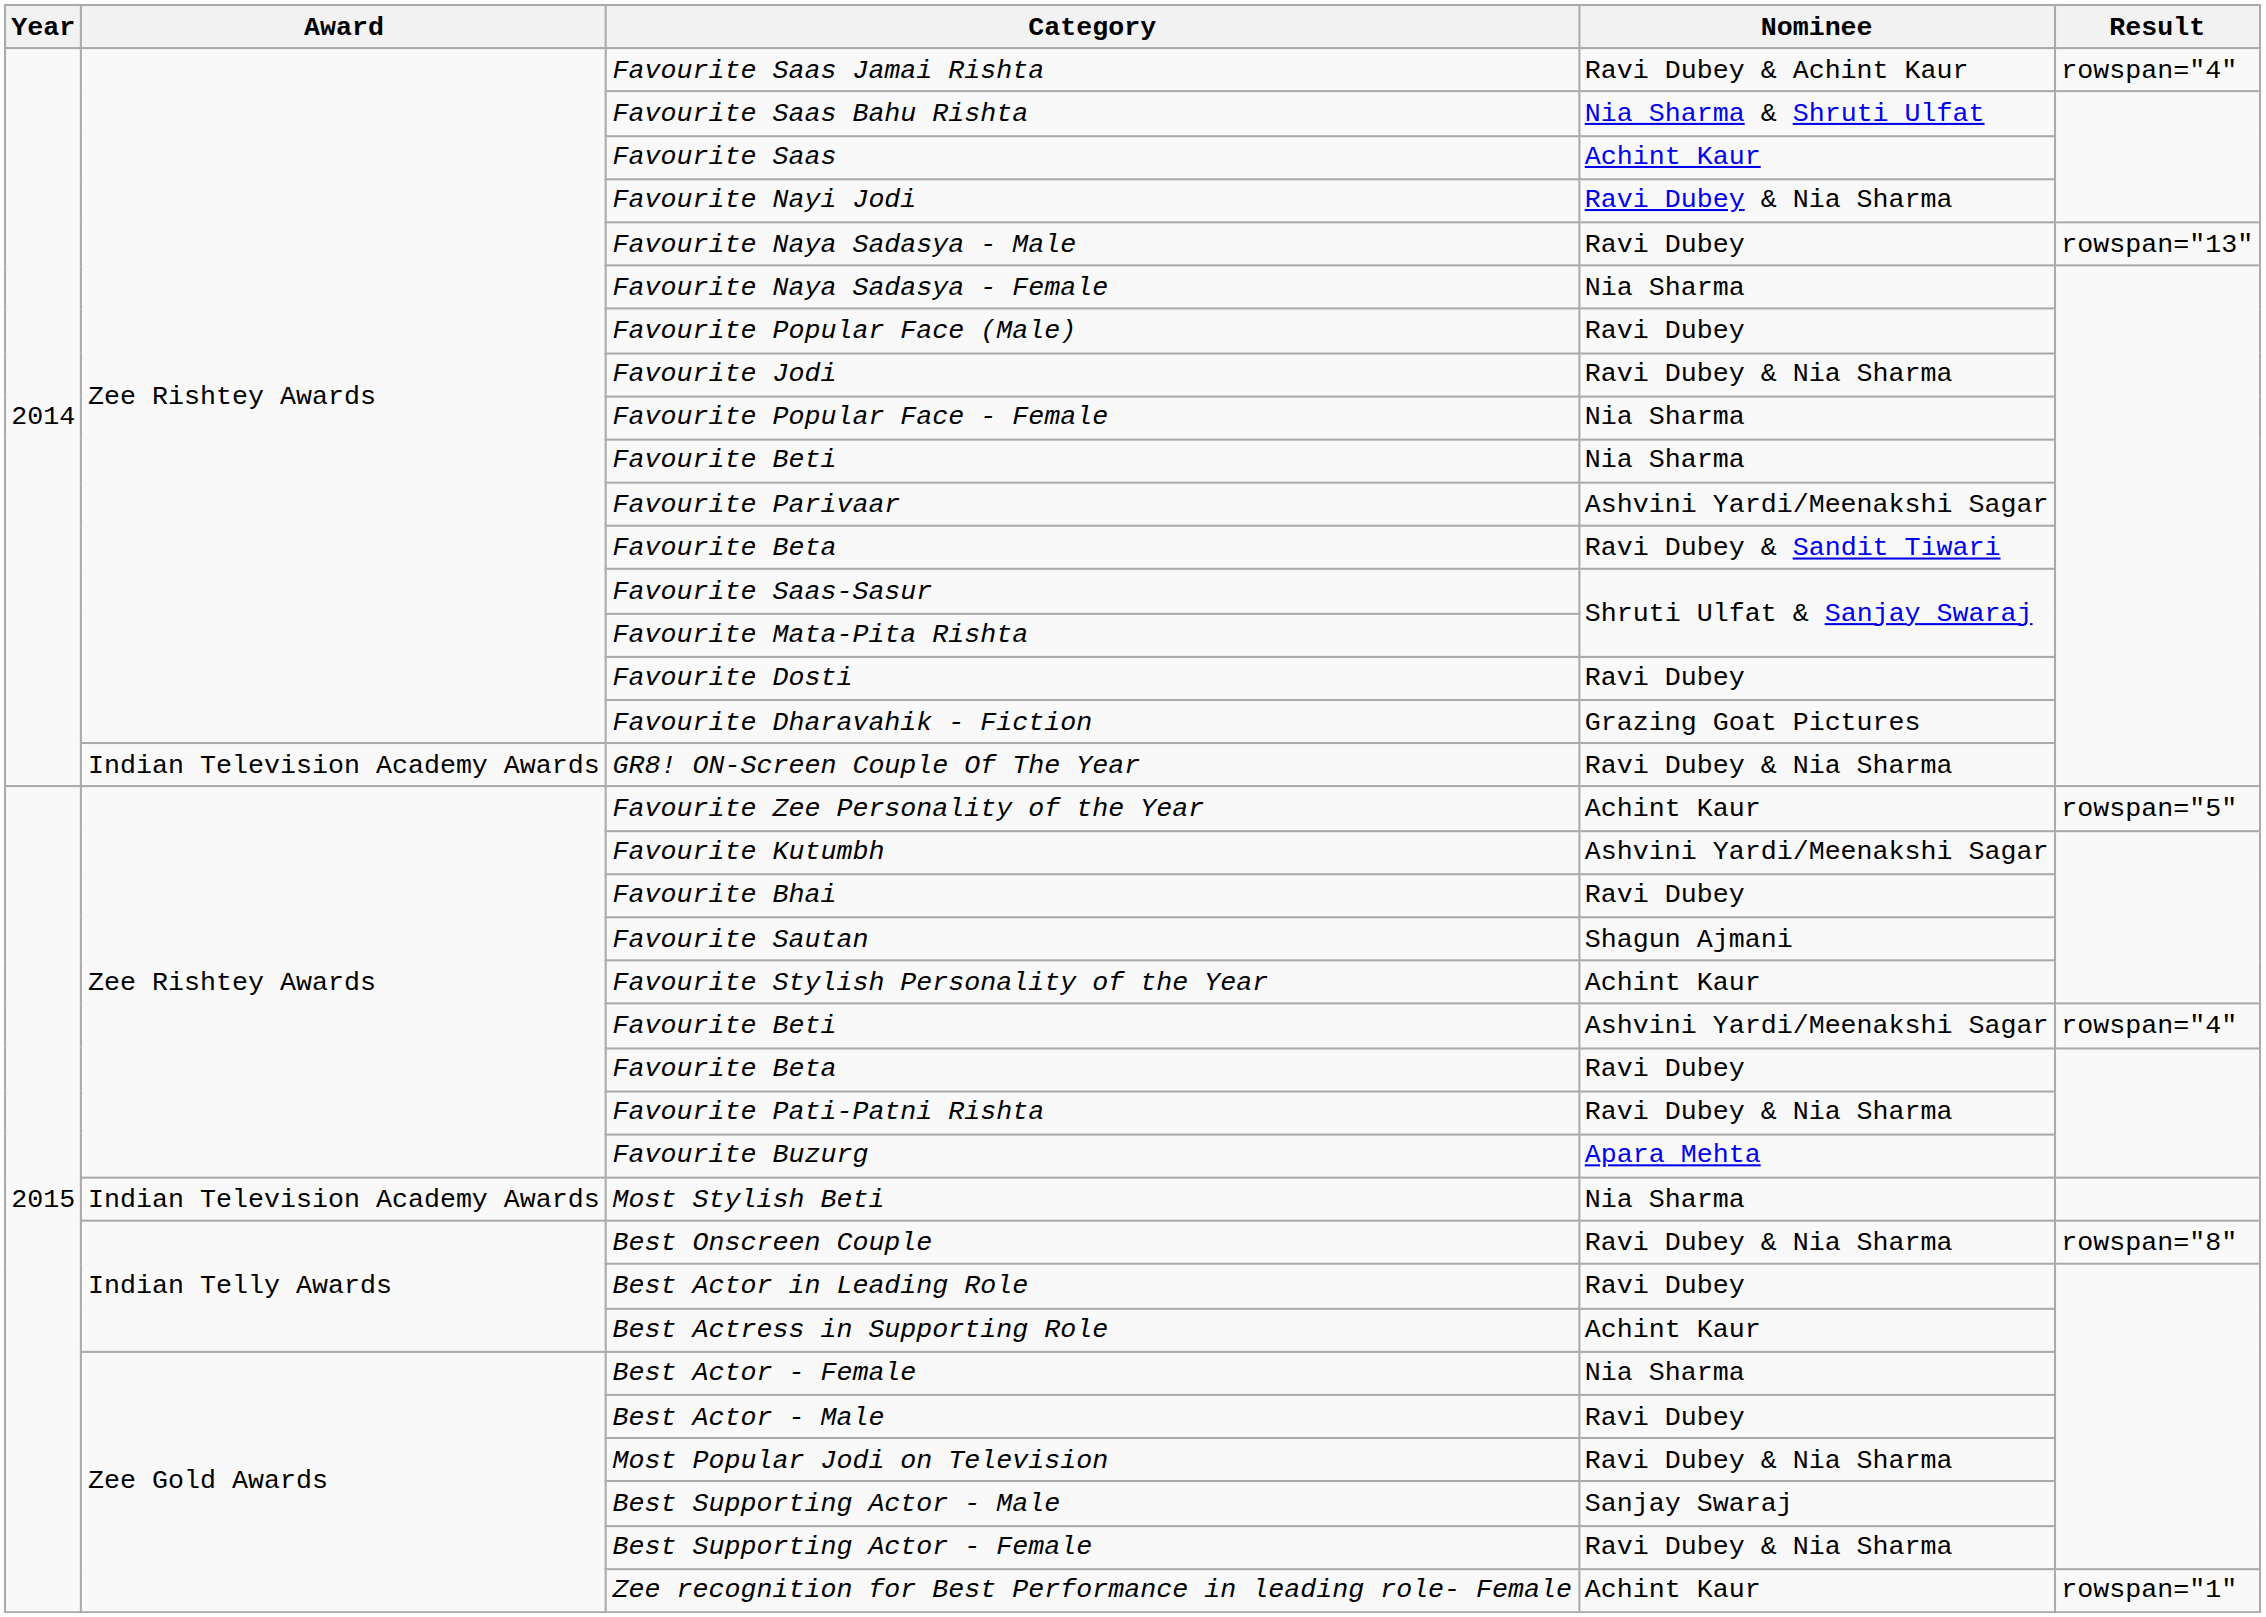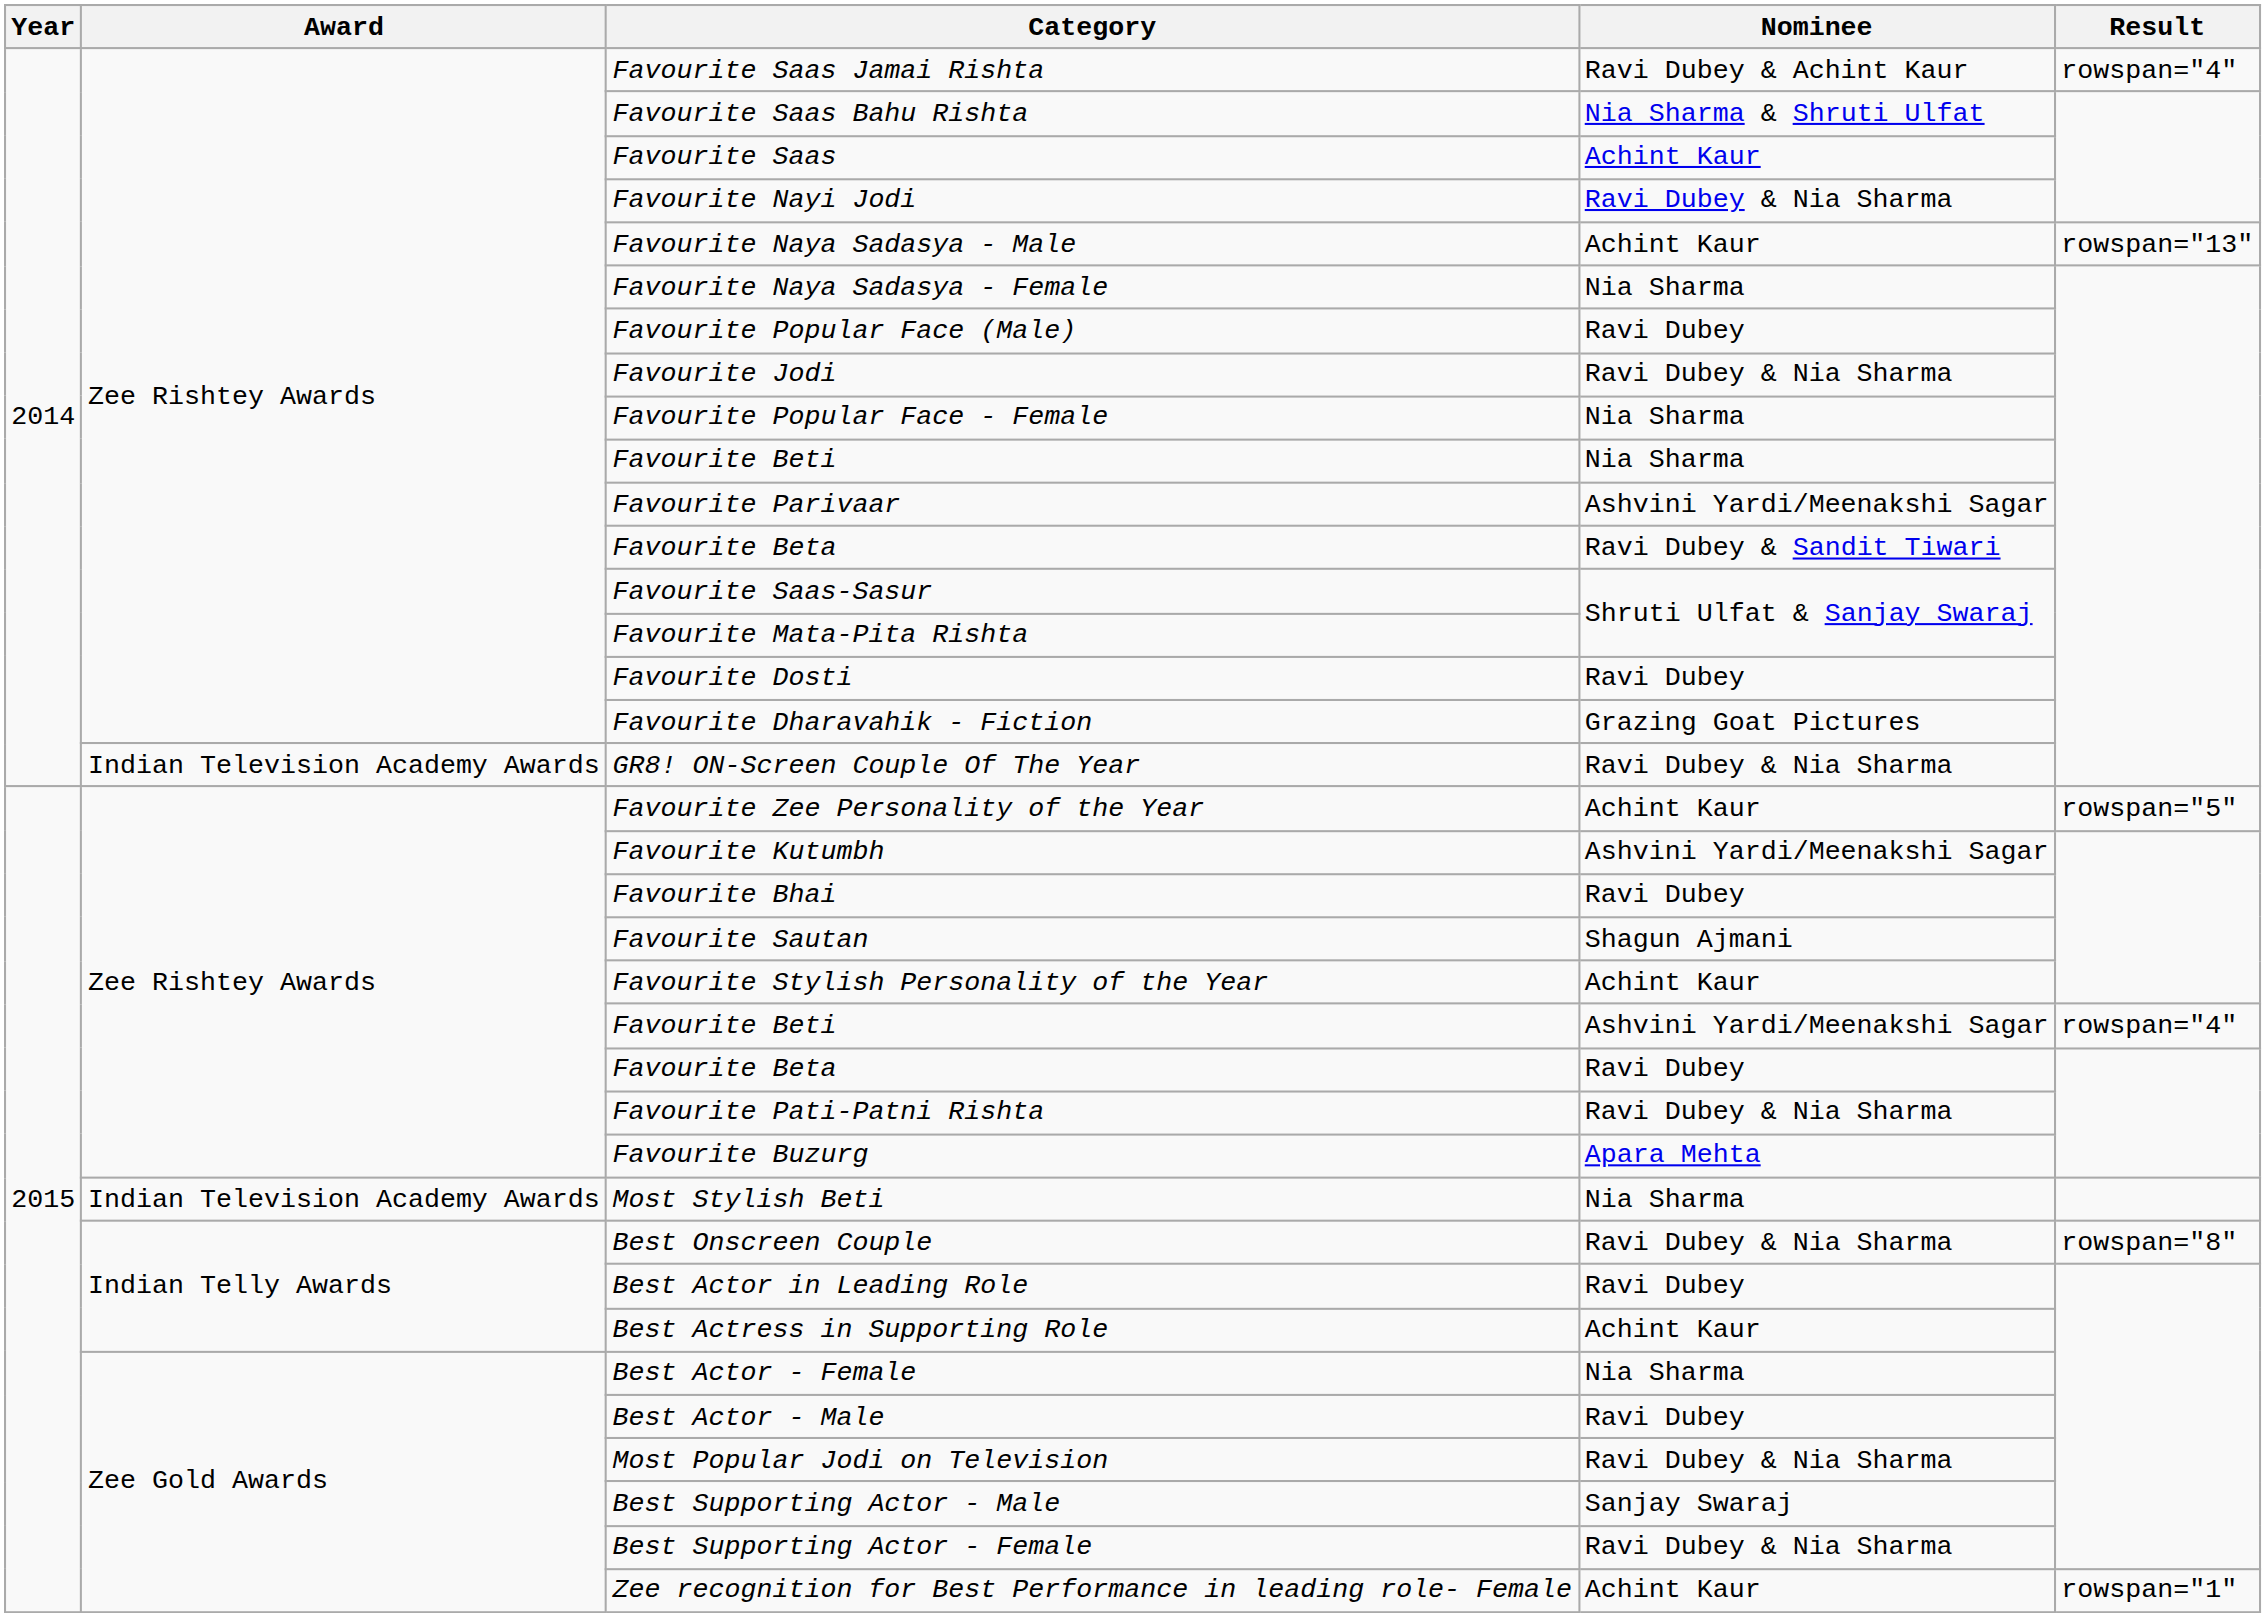 <table class="wikitable">
 <tr>
 <th>Year</th>
 <th>Award</th>
 <th>Category</th>
 <th>Nominee</th>
 <th>Result</th>
 </tr>
 <tr>
 <td rowspan="17">2014</td>
 <td rowspan="16">Zee Rishtey Awards</td>
 <td><em>Favourite Saas Jamai Rishta </em></td>
 <td>Ravi Dubey & Achint Kaur</td>
 <td>rowspan="4" </td>
 </tr>
 <tr>
 <td><em>Favourite Saas Bahu Rishta</em></td>
 <td><a href='#'>Nia Sharma</a> & <a href='#'>Shruti Ulfat</a></td>
 </tr>
 <tr>
 <td><em>Favourite Saas</em></td>
 <td><a href='#'>Achint Kaur</a></td>
 </tr>
 <tr>
 <td><em>Favourite Nayi Jodi</em></td>
 <td><a href='#'>Ravi Dubey</a> & Nia Sharma</td>
 </tr>
 <tr>
 <td><em>Favourite Naya Sadasya - Male</em></td>
-<td>Ravi Dubey</td>
+<td>Achint Kaur</td>
 <td>rowspan="13" </td>
 </tr>
 <tr>
 <td><em>Favourite Naya Sadasya - Female</em></td>
 <td>Nia Sharma</td>
 </tr>
 <tr>
 <td><em>Favourite Popular Face (Male)</em></td>
 <td>Ravi Dubey</td>
 </tr>
 <tr>
 <td><em>Favourite Jodi</em></td>
 <td>Ravi Dubey & Nia Sharma</td>
 </tr>
 <tr>
 <td><em>Favourite Popular Face - Female</em></td>
 <td>Nia Sharma</td>
 </tr>
 <tr>
 <td><em>Favourite Beti</em></td>
 <td>Nia Sharma</td>
 </tr>
 <tr>
 <td><em>Favourite Parivaar</em></td>
 <td>Ashvini Yardi/Meenakshi Sagar</td>
 </tr>
 <tr>
 <td><em>Favourite Beta</em></td>
 <td>Ravi Dubey & <a href='#'>Sandit Tiwari</a></td>
 </tr>
 <tr>
 <td><em>Favourite Saas-Sasur</em></td>
 <td rowspan="2">Shruti Ulfat & <a href='#'>Sanjay Swaraj</a></td>
 </tr>
 <tr>
 <td><em>Favourite Mata-Pita Rishta</em></td>
 </tr>
 <tr>
 <td><em>Favourite Dosti</em></td>
 <td>Ravi Dubey</td>
 </tr>
 <tr>
 <td><em>Favourite Dharavahik - Fiction</em></td>
 <td>Grazing Goat Pictures</td>
 </tr>
 <tr>
 <td rowspan="1">Indian Television Academy Awards</td>
 <td><em>GR8! ON-Screen Couple Of The Year</em></td>
 <td>Ravi Dubey & Nia Sharma</td>
 </tr>
 <tr>
 <td rowspan="19">2015</td>
 <td rowspan="9">Zee Rishtey Awards</td>
 <td><em>Favourite Zee Personality of the Year</em></td>
 <td>Achint Kaur</td>
 <td>rowspan="5" </td>
 </tr>
 <tr>
 <td><em>Favourite Kutumbh</em></td>
 <td>Ashvini Yardi/Meenakshi Sagar</td>
 </tr>
 <tr>
 <td><em>Favourite Bhai</em></td>
 <td>Ravi Dubey</td>
 </tr>
 <tr>
 <td><em>Favourite Sautan</em></td>
 <td>Shagun Ajmani</td>
 </tr>
 <tr>
 <td><em>Favourite Stylish Personality of the Year</em></td>
 <td>Achint Kaur</td>
 </tr>
 <tr>
 <td><em>Favourite Beti</em></td>
 <td>Ashvini Yardi/Meenakshi Sagar</td>
 <td>rowspan="4" </td>
 </tr>
 <tr>
 <td><em>Favourite Beta</em></td>
 <td>Ravi Dubey</td>
 </tr>
 <tr>
 <td><em>Favourite Pati-Patni Rishta</em></td>
 <td>Ravi Dubey & Nia Sharma</td>
 </tr>
 <tr>
 <td><em>Favourite Buzurg</em></td>
 <td><a href='#'>Apara Mehta</a></td>
 </tr>
 <tr>
 <td rowspan="1">Indian Television Academy Awards</td>
 <td><em>Most Stylish Beti</em></td>
 <td>Nia Sharma</td>
 <td></td>
 </tr>
 <tr>
 <td rowspan="3">Indian Telly Awards</td>
 <td><em>Best Onscreen Couple</em></td>
 <td>Ravi Dubey & Nia Sharma</td>
 <td>rowspan="8" </td>
 </tr>
 <tr>
 <td><em>Best Actor in Leading Role</em></td>
 <td>Ravi Dubey</td>
 </tr>
 <tr>
 <td><em>Best Actress in Supporting Role</em></td>
 <td>Achint Kaur</td>
 </tr>
 <tr>
 <td rowspan="6">Zee Gold Awards</td>
 <td><em>Best Actor - Female</em></td>
 <td>Nia Sharma</td>
 </tr>
 <tr>
 <td><em>Best Actor - Male</em></td>
 <td>Ravi Dubey</td>
 </tr>
 <tr>
 <td><em>Most Popular Jodi on Television</em></td>
 <td>Ravi Dubey & Nia Sharma</td>
 </tr>
 <tr>
 <td><em>Best Supporting Actor - Male</em></td>
 <td>Sanjay Swaraj</td>
 </tr>
 <tr>
 <td><em>Best Supporting Actor - Female</em></td>
 <td>Ravi Dubey & Nia Sharma</td>
 </tr>
 <tr>
 <td><em>Zee recognition for Best Performance in leading role- Female</em></td>
 <td>Achint Kaur</td>
 <td>rowspan="1" </td>
 </tr>
 </table>
